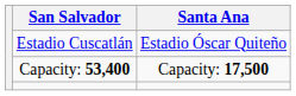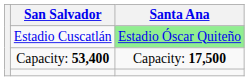 <table class=wikitable style="text-align:center">
 <tr>
 <th rowspan=4></th>
 <th><a href='#'>San Salvador</a></th>
 <th><a href='#'>Santa Ana</a></th>
 </tr>
 <tr>
 <td><a href='#'>Estadio Cuscatlán</a></td>
-<td><a href='#'>Estadio Óscar Quiteño</a></td>
+<td style="background: lightgreen;"><a href='#'>Estadio Óscar Quiteño</a></td>
 </tr>
 <tr>
 <td>Capacity: <strong>53,400</strong></td>
 <td>Capacity: <strong>17,500</strong></td>
 </tr>
 <tr>
 <td></td>
 <td></td>
 </tr>
 </table>
